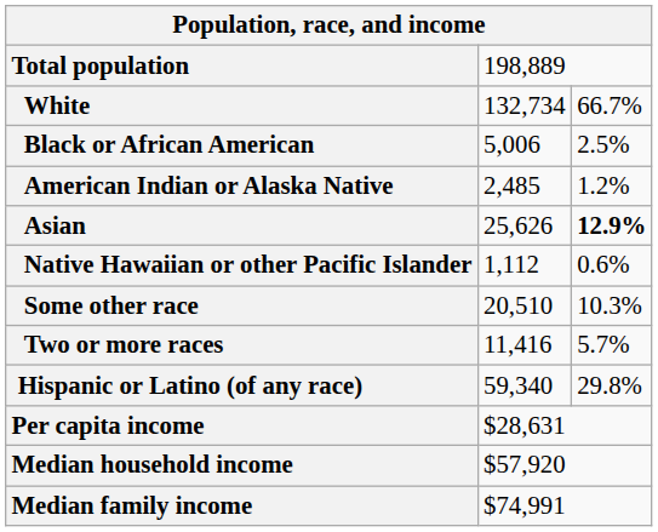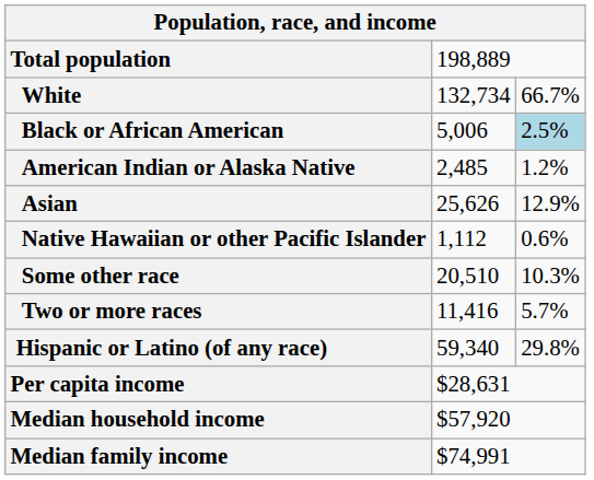 <table class="wikitable collapsible collapsed">
 <tr>
 <th colspan=6>Population, race, and income</th>
 </tr>
 <tr>
 <th scope="row" style="text-align: left;">Total population</th>
 <td colspan=2>198,889</td>
 </tr>
 <tr>
 <th scope="row" style="text-align: left;">  White</th>
 <td>132,734</td>
 <td>66.7%</td>
 </tr>
 <tr>
 <th scope="row" style="text-align: left;">  Black or African American</th>
 <td>5,006</td>
-<td>2.5%</td>
+<td style="background: lightblue;">2.5%</td>
 </tr>
 <tr>
 <th scope="row" style="text-align: left;">  American Indian or Alaska Native</th>
 <td>2,485</td>
 <td>1.2%</td>
 </tr>
 <tr>
 <th scope="row" style="text-align: left;">  Asian</th>
 <td>25,626</td>
-<td><strong>12.9%</strong></td>
+<td>12.9%</td>
 </tr>
 <tr>
 <th scope="row" style="text-align: left;">  Native Hawaiian or other Pacific Islander</th>
 <td>1,112</td>
 <td>0.6%</td>
 </tr>
 <tr>
 <th scope="row" style="text-align: left;">  Some other race</th>
 <td>20,510</td>
 <td>10.3%</td>
 </tr>
 <tr>
 <th scope="row" style="text-align: left;">  Two or more races</th>
 <td>11,416</td>
 <td>5.7%</td>
 </tr>
 <tr>
 <th scope="row" style="text-align: left;"> Hispanic or Latino (of any race)</th>
 <td>59,340</td>
 <td>29.8%</td>
 </tr>
 <tr>
 <th scope="row" style="text-align: left;">Per capita income</th>
 <td colspan=2>$28,631</td>
 </tr>
 <tr>
 <th scope="row" style="text-align: left;">Median household income</th>
 <td colspan=2>$57,920</td>
 </tr>
 <tr>
 <th scope="row" style="text-align: left;">Median family income</th>
 <td colspan=2>$74,991</td>
 </tr>
 </table>
